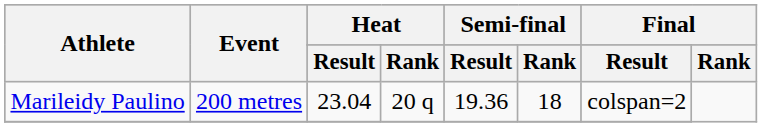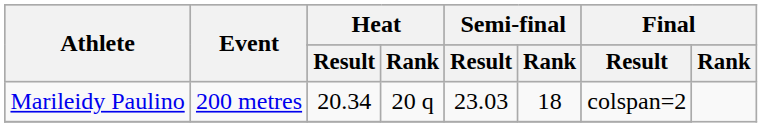 <table class="wikitable" style="font-size:90%">
 <tr>
 <th rowspan="2">Athlete</th>
 <th rowspan="2">Event</th>
 <th colspan="2">Heat</th>
 <th colspan="2">Semi-final</th>
 <th colspan="2">Final</th>
 </tr>
 <tr style="font-size:95%">
 <th>Result</th>
 <th>Rank</th>
 <th>Result</th>
 <th>Rank</th>
 <th>Result</th>
 <th>Rank</th>
 </tr>
 <tr style=text-align:center>
 <td style=text-align:left><a href='#'>Marileidy Paulino</a></td>
 <td style=text-align:left><a href='#'>200 metres</a></td>
-<td>23.04 </td>
+<td>20.34 </td>
 <td>20 q</td>
-<td>19.36 </td>
+<td>23.03 </td>
 <td>18</td>
 <td>colspan=2 </td>
 </tr>
 <tr>
 </tr>
 </table>
